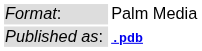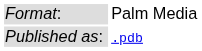 <table style="text-align:left;">
 <tr>
 <td style="background:#ddd; width:100px;"><em>Format</em>:</td>
 <td>Palm Media</td>
 </tr>
 <tr>
 <td style="background:#ddd;"><em>Published as</em>:</td>
-<td><strong><code><a href='#'>.pdb</a></code></strong></td>
+<td><code><a href='#'>.pdb</a></code></td>
 </tr>
 </table>
